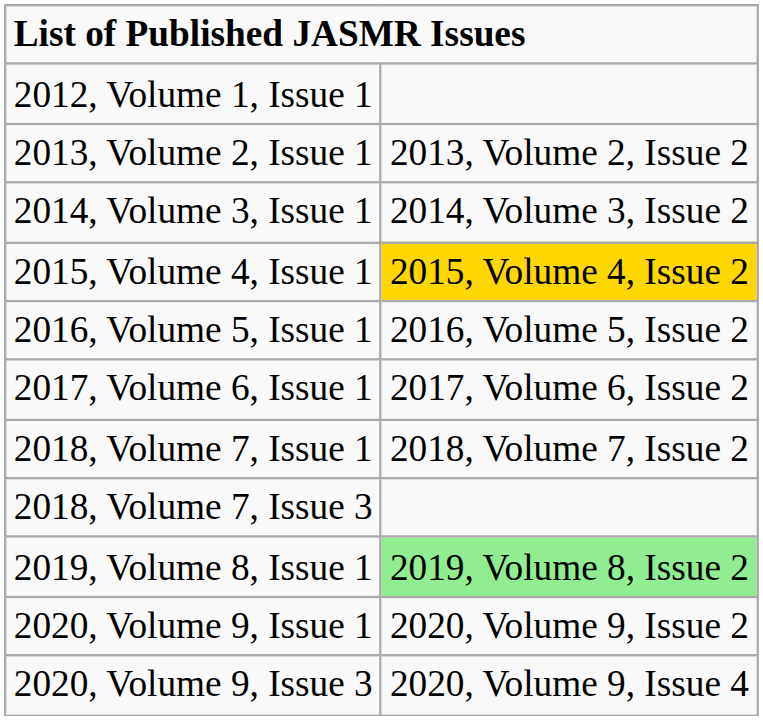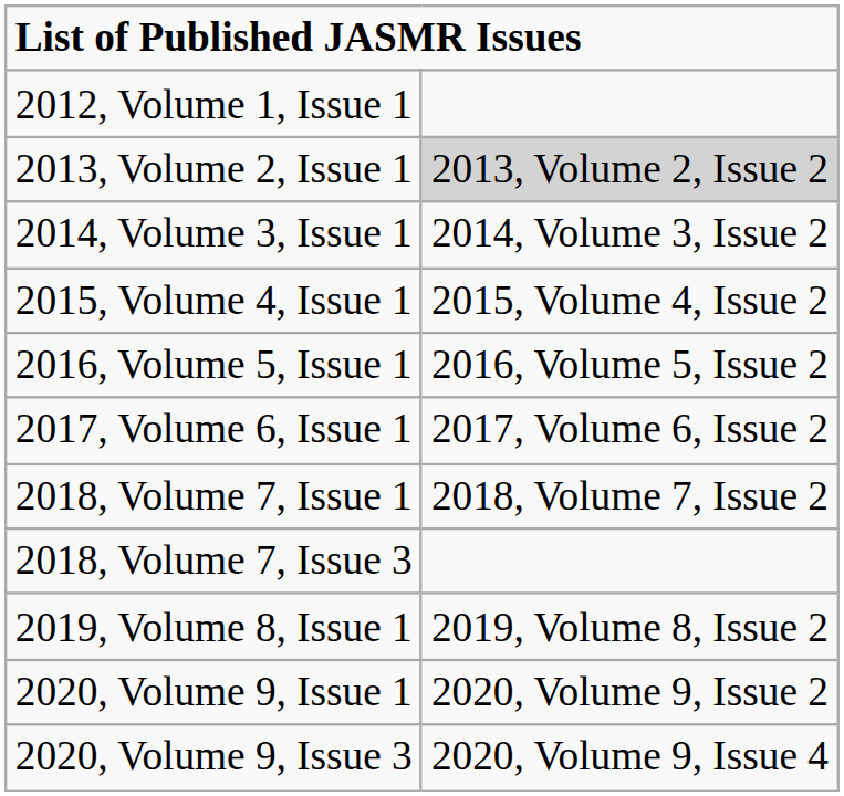 <table class="wikitable">
 <tr>
 <td colspan="2"><strong>List of Published JASMR Issues</strong></td>
 </tr>
 <tr>
 <td>2012,  Volume 1, Issue 1</td>
 <td></td>
 </tr>
 <tr>
 <td>2013,  Volume 2, Issue 1</td>
-<td>2013,  Volume 2, Issue 2</td>
+<td style="background: lightgrey;">2013,  Volume 2, Issue 2</td>
 </tr>
 <tr>
 <td>2014,  Volume 3, Issue 1</td>
 <td>2014,  Volume 3, Issue 2</td>
 </tr>
 <tr>
 <td>2015,  Volume 4, Issue 1</td>
-<td style="background: gold;">2015,  Volume 4, Issue 2</td>
+<td>2015,  Volume 4, Issue 2</td>
 </tr>
 <tr>
 <td>2016,  Volume 5, Issue 1</td>
 <td>2016,  Volume 5, Issue 2</td>
 </tr>
 <tr>
 <td>2017,  Volume 6, Issue 1</td>
 <td>2017,  Volume 6, Issue 2</td>
 </tr>
 <tr>
 <td>2018,  Volume 7, Issue 1</td>
 <td>2018,  Volume 7, Issue 2</td>
 </tr>
 <tr>
 <td>2018,  Volume 7, Issue 3</td>
 <td></td>
 </tr>
 <tr>
 <td>2019,  Volume 8, Issue 1</td>
-<td style="background: lightgreen;">2019, Volume  8, Issue 2</td>
+<td>2019, Volume  8, Issue 2</td>
 </tr>
 <tr>
 <td>2020,  Volume 9, Issue 1</td>
 <td>2020,  Volume 9, Issue 2</td>
 </tr>
 <tr>
 <td>2020,  Volume 9, Issue 3</td>
 <td>2020,  Volume 9, Issue 4</td>
 </tr>
 </table>
